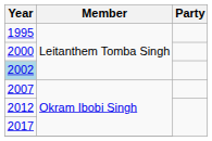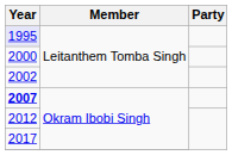 <table class="wikitable sortable">
 <tr>
 <th>Year</th>
 <th>Member</th>
 <th colspan="2">Party</th>
 </tr>
 <tr>
-<td><a href='#'>1995</a></td>
+<td style="background: lavender;"><a href='#'>1995</a></td>
 <td rowspan="3">Leitanthem Tomba Singh</td>
 <td></td>
 </tr>
 <tr>
 <td><a href='#'>2000</a></td>
 <td></td>
 </tr>
 <tr>
-<td style="background: lightblue;"><a href='#'>2002</a></td>
+<td><a href='#'>2002</a></td>
 <td></td>
 </tr>
 <tr>
-<td><a href='#'>2007</a></td>
+<td><strong><a href='#'>2007</a></strong></td>
 <td rowspan="3"><a href='#'>Okram Ibobi Singh</a></td>
 <td></td>
 </tr>
 <tr>
 <td><a href='#'>2012</a></td>
 </tr>
 <tr>
 <td><a href='#'>2017</a></td>
 </tr>
 <tr>
 </tr>
 </table>
